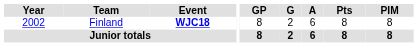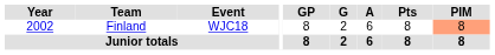 <table border="0" cellpadding="1" cellspacing="0" ID="Table3" style="text-align:center; width:40em">
 <tr ALIGN="center" bgcolor="#e0e0e0">
 <th>Year</th>
 <th>Team</th>
 <th>Event</th>
 <th rowspan="99" bgcolor="#ffffff"></th>
 <th>GP</th>
 <th>G</th>
 <th>A</th>
 <th>Pts</th>
 <th>PIM</th>
 </tr>
 <tr>
 <td><a href='#'>2002</a></td>
 <td><a href='#'>Finland</a></td>
-<td><strong><a href='#'>WJC18</a></strong></td>
+<td><a href='#'>WJC18</a></td>
 <td>8</td>
 <td>2</td>
 <td>6</td>
 <td>8</td>
-<td>8</td>
+<td style="background: lightsalmon;">8</td>
 </tr>
 <tr bgcolor="#e0e0e0">
 <th colspan="3">Junior totals</th>
 <th>8</th>
 <th>2</th>
 <th>6</th>
 <th>8</th>
 <th>8</th>
 </tr>
 </table>
